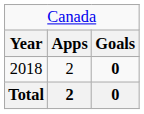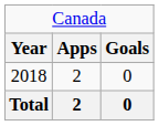 <table class="wikitable" style="text-align:center">
 <tr>
 <td colspan="3"><a href='#'>Canada</a></td>
 </tr>
 <tr>
 <th>Year</th>
 <th>Apps</th>
 <th>Goals</th>
 </tr>
 <tr>
 <td>2018</td>
 <td>2</td>
-<td><strong>0</strong></td>
+<td>0</td>
 </tr>
 <tr>
 <th>Total</th>
 <th>2</th>
 <th>0</th>
 </tr>
 </table>
